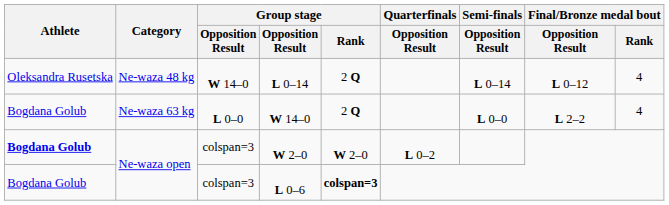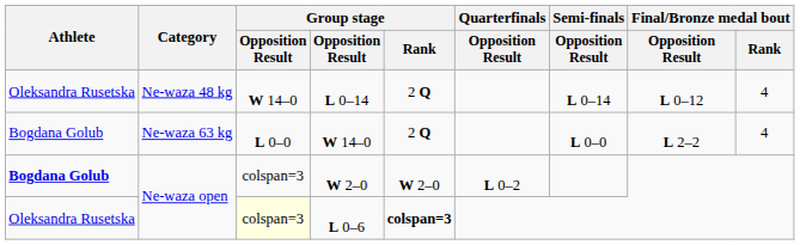 <table class="wikitable" style="text-align:center; font-size:90%">
 <tr>
 <th rowspan=2>Athlete</th>
 <th rowspan=2>Category</th>
 <th colspan=3>Group stage</th>
 <th>Quarterfinals</th>
 <th>Semi-finals</th>
 <th colspan=2>Final/Bronze medal bout</th>
 </tr>
 <tr style="font-size:95%">
 <th>Opposition<br>Result</th>
 <th>Opposition<br>Result</th>
 <th>Rank</th>
 <th>Opposition<br>Result</th>
 <th>Opposition<br>Result</th>
 <th>Opposition<br>Result</th>
 <th>Rank</th>
 </tr>
 <tr>
 <td align=left><a href='#'>Oleksandra Rusetska</a></td>
 <td align=left><a href='#'>Ne-waza 48 kg</a></td>
 <td><br> <strong>W</strong> 14–0</td>
 <td><br> <strong>L</strong> 0–14</td>
 <td>2 <strong>Q</strong></td>
 <td></td>
 <td><br> <strong>L</strong> 0–14</td>
 <td><br> <strong>L</strong> 0–12</td>
 <td>4</td>
 </tr>
 <tr>
 <td align=left><a href='#'>Bogdana Golub</a></td>
 <td align=left><a href='#'>Ne-waza 63 kg</a></td>
 <td><br> <strong>L</strong> 0–0</td>
 <td><br> <strong>W</strong> 14–0</td>
 <td>2 <strong>Q</strong></td>
 <td></td>
 <td><br> <strong>L</strong> 0–0</td>
 <td><br> <strong>L</strong> 2–2</td>
 <td>4</td>
 </tr>
 <tr>
 <td align=left><strong><a href='#'>Bogdana Golub</a></strong></td>
 <td align=left rowspan=2><a href='#'>Ne-waza open</a></td>
 <td>colspan=3 </td>
 <td><br> <strong>W</strong> 2–0</td>
 <td><br> <strong>W</strong> 2–0</td>
 <td><br> <strong>L</strong> 0–2</td>
 <td></td>
 </tr>
 <tr>
-<td align=left><a href='#'>Bogdana Golub</a></td>
-<td>colspan=3 </td>
+<td align=left><a href='#'>Oleksandra Rusetska</a></td>
+<td style="background: lightyellow;">colspan=3 </td>
 <td><br> <strong>L</strong> 0–6</td>
 <td><strong>colspan=3 </strong></td>
 </tr>
 </table>
